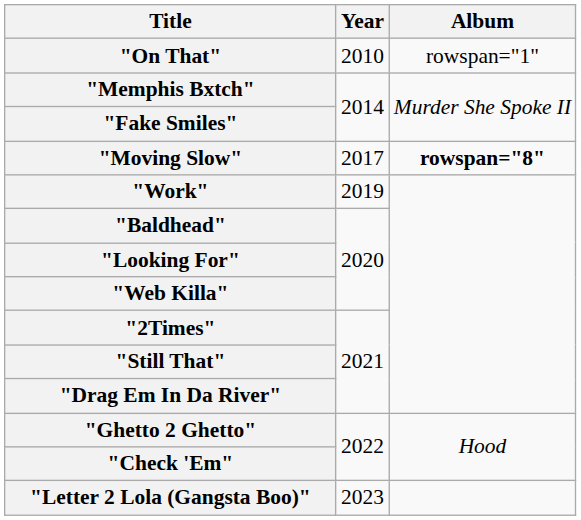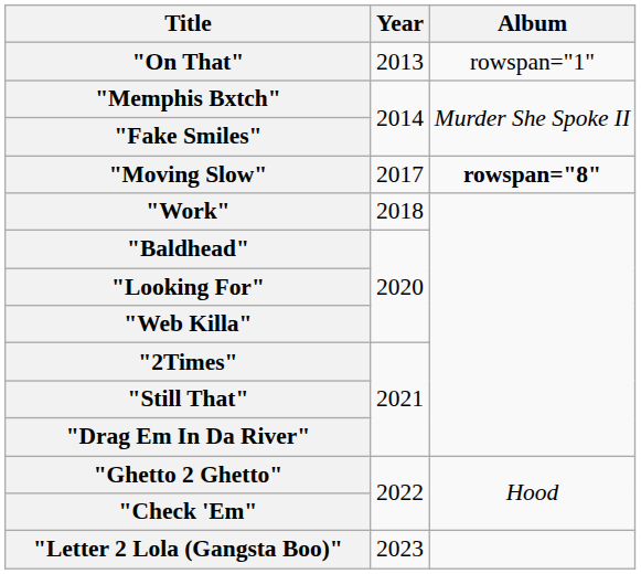 <table class="wikitable plainrowheaders" style="text-align:center;">
 <tr>
 <th scope="col" style="width:15em;">Title</th>
 <th scope="col">Year</th>
 <th scope="col">Album</th>
 </tr>
 <tr>
 <th scope="row">"On That"<br></th>
-<td>2010</td>
+<td>2013</td>
 <td>rowspan="1" </td>
 </tr>
 <tr>
 <th scope="row">"Memphis Bxtch"</th>
 <td rowspan="2">2014</td>
 <td rowspan="2"><em>Murder She Spoke II</em></td>
 </tr>
 <tr>
 <th scope="row">"Fake Smiles"</th>
 </tr>
 <tr>
 <th scope="row">"Moving Slow"<br></th>
 <td>2017</td>
 <td><strong>rowspan="8" </strong></td>
 </tr>
 <tr>
 <th scope="row">"Work"<br></th>
-<td>2019</td>
+<td>2018</td>
 </tr>
 <tr>
 <th scope="row">"Baldhead"<br></th>
 <td rowspan="3">2020</td>
 </tr>
 <tr>
 <th scope="row">"Looking For"<br></th>
 </tr>
 <tr>
 <th scope="row">"Web Killa"<br></th>
 </tr>
 <tr>
 <th scope="row">"2Times"<br></th>
 <td rowspan="3">2021</td>
 </tr>
 <tr>
 <th scope="row">"Still That"<br></th>
 </tr>
 <tr>
 <th scope="row">"Drag Em In Da River"<br></th>
 </tr>
 <tr>
 <th scope="row">"Ghetto 2 Ghetto"<br></th>
 <td rowspan="2">2022</td>
 <td rowspan="2"><em>Hood</em></td>
 </tr>
 <tr>
 <th scope="row">"Check 'Em"<br></th>
 </tr>
 <tr>
 <th scope="row">"Letter 2 Lola (Gangsta Boo)"<br></th>
 <td>2023</td>
 <td></td>
 </tr>
 </table>
